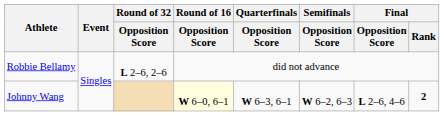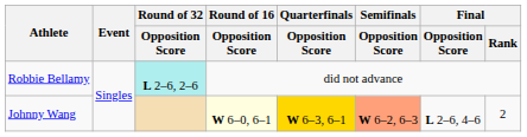 <table class="wikitable" border="1" style="font-size:90%">
 <tr>
 <th rowspan=2>Athlete</th>
 <th rowspan=2>Event</th>
 <th>Round of 32</th>
 <th>Round of 16</th>
 <th>Quarterfinals</th>
 <th>Semifinals</th>
 <th colspan=2>Final</th>
 </tr>
 <tr>
 <th>Opposition<br>Score</th>
 <th>Opposition<br>Score</th>
 <th>Opposition<br>Score</th>
 <th>Opposition<br>Score</th>
 <th>Opposition<br>Score</th>
 <th>Rank</th>
 </tr>
 <tr>
 <td><a href='#'>Robbie Bellamy</a></td>
 <td rowspan=2><a href='#'>Singles</a></td>
-<td align=center><br><strong>L</strong> 2–6, 2–6</td>
+<td align=center style="background: paleturquoise;"><br><strong>L</strong> 2–6, 2–6</td>
 <td align=center colspan=5>did not advance</td>
 </tr>
 <tr>
 <td><a href='#'>Johnny Wang</a></td>
 <td bgcolor=wheat></td>
 <td align=center style="background: lightyellow;"><br><strong>W</strong> 6–0, 6–1</td>
-<td align=center><br><strong>W</strong> 6–3, 6–1</td>
-<td align=center><br><strong>W</strong> 6–2, 6–3</td>
+<td align=center style="background: gold;"><br><strong>W</strong> 6–3, 6–1</td>
+<td align=center style="background: lightsalmon;"><br><strong>W</strong> 6–2, 6–3</td>
 <td align=center><br><strong>L</strong> 2–6, 4–6</td>
-<td align=center><strong>2</strong></td>
+<td align=center>2</td>
 </tr>
 </table>
